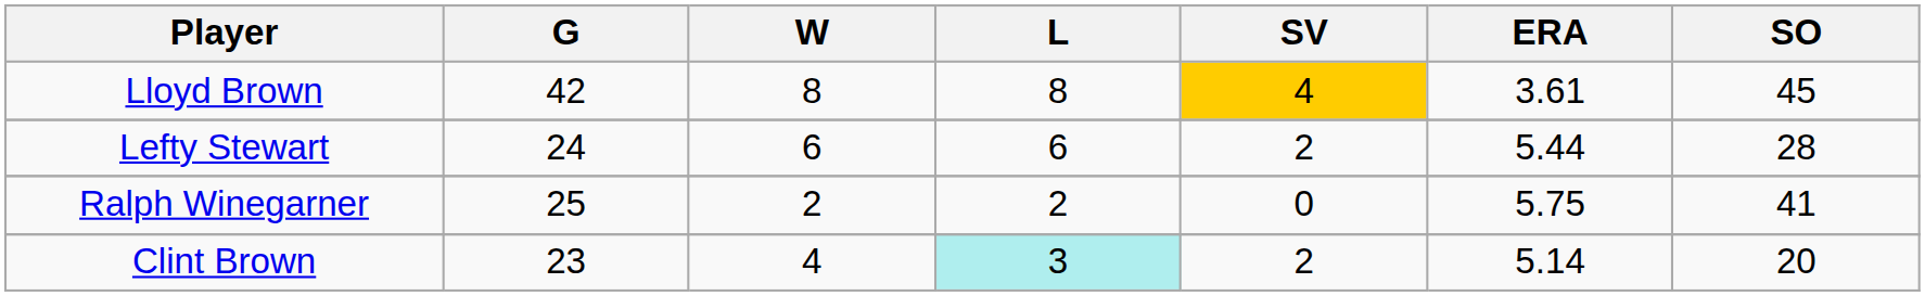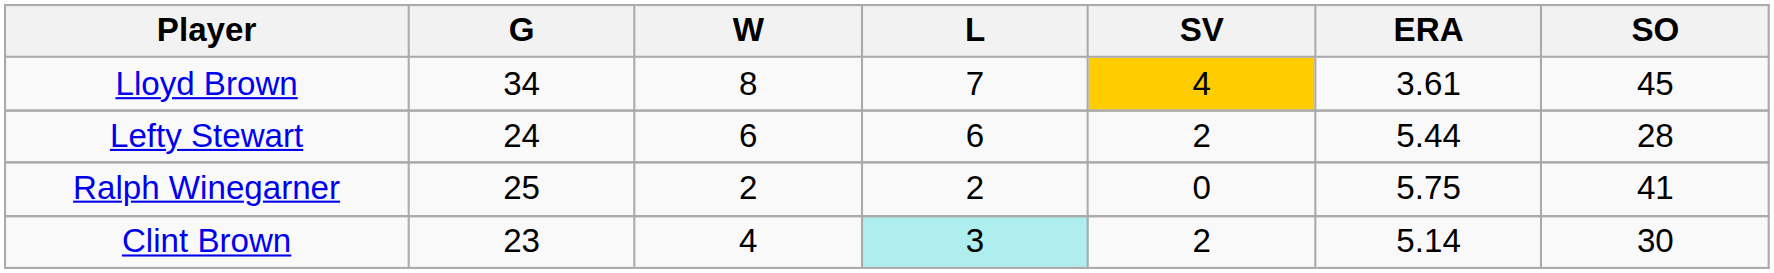 <table class="wikitable sortable">
 <tr>
 <th bgcolor="#DDDDFF" width="16%">Player</th>
 <th bgcolor="#DDDDFF" width="9%">G</th>
 <th bgcolor="#DDDDFF" width="9%">W</th>
 <th bgcolor="#DDDDFF" width="9%">L</th>
 <th bgcolor="#DDDDFF" width="9%">SV</th>
 <th bgcolor="#DDDDFF" width="9%">ERA</th>
 <th bgcolor="#DDDDFF" width="9%">SO</th>
 </tr>
 <tr align="center">
 <td><a href='#'>Lloyd Brown</a></td>
-<td>42</td>
+<td>34</td>
 <td>8</td>
-<td>8</td>
+<td>7</td>
 <td style="background:#fc0;">4</td>
 <td>3.61</td>
 <td>45</td>
 </tr>
 <tr>
 </tr>
 <tr align="center">
 <td><a href='#'>Lefty Stewart</a></td>
 <td>24</td>
 <td>6</td>
 <td>6</td>
 <td>2</td>
 <td>5.44</td>
 <td>28</td>
 </tr>
 <tr>
 </tr>
 <tr align="center">
 <td><a href='#'>Ralph Winegarner</a></td>
 <td>25</td>
 <td>2</td>
 <td>2</td>
 <td>0</td>
 <td>5.75</td>
 <td>41</td>
 </tr>
 <tr>
 </tr>
 <tr align="center">
 <td><a href='#'>Clint Brown</a></td>
 <td>23</td>
 <td>4</td>
 <td style="background: paleturquoise;">3</td>
 <td>2</td>
 <td>5.14</td>
-<td>20</td>
+<td>30</td>
 </tr>
 </table>
